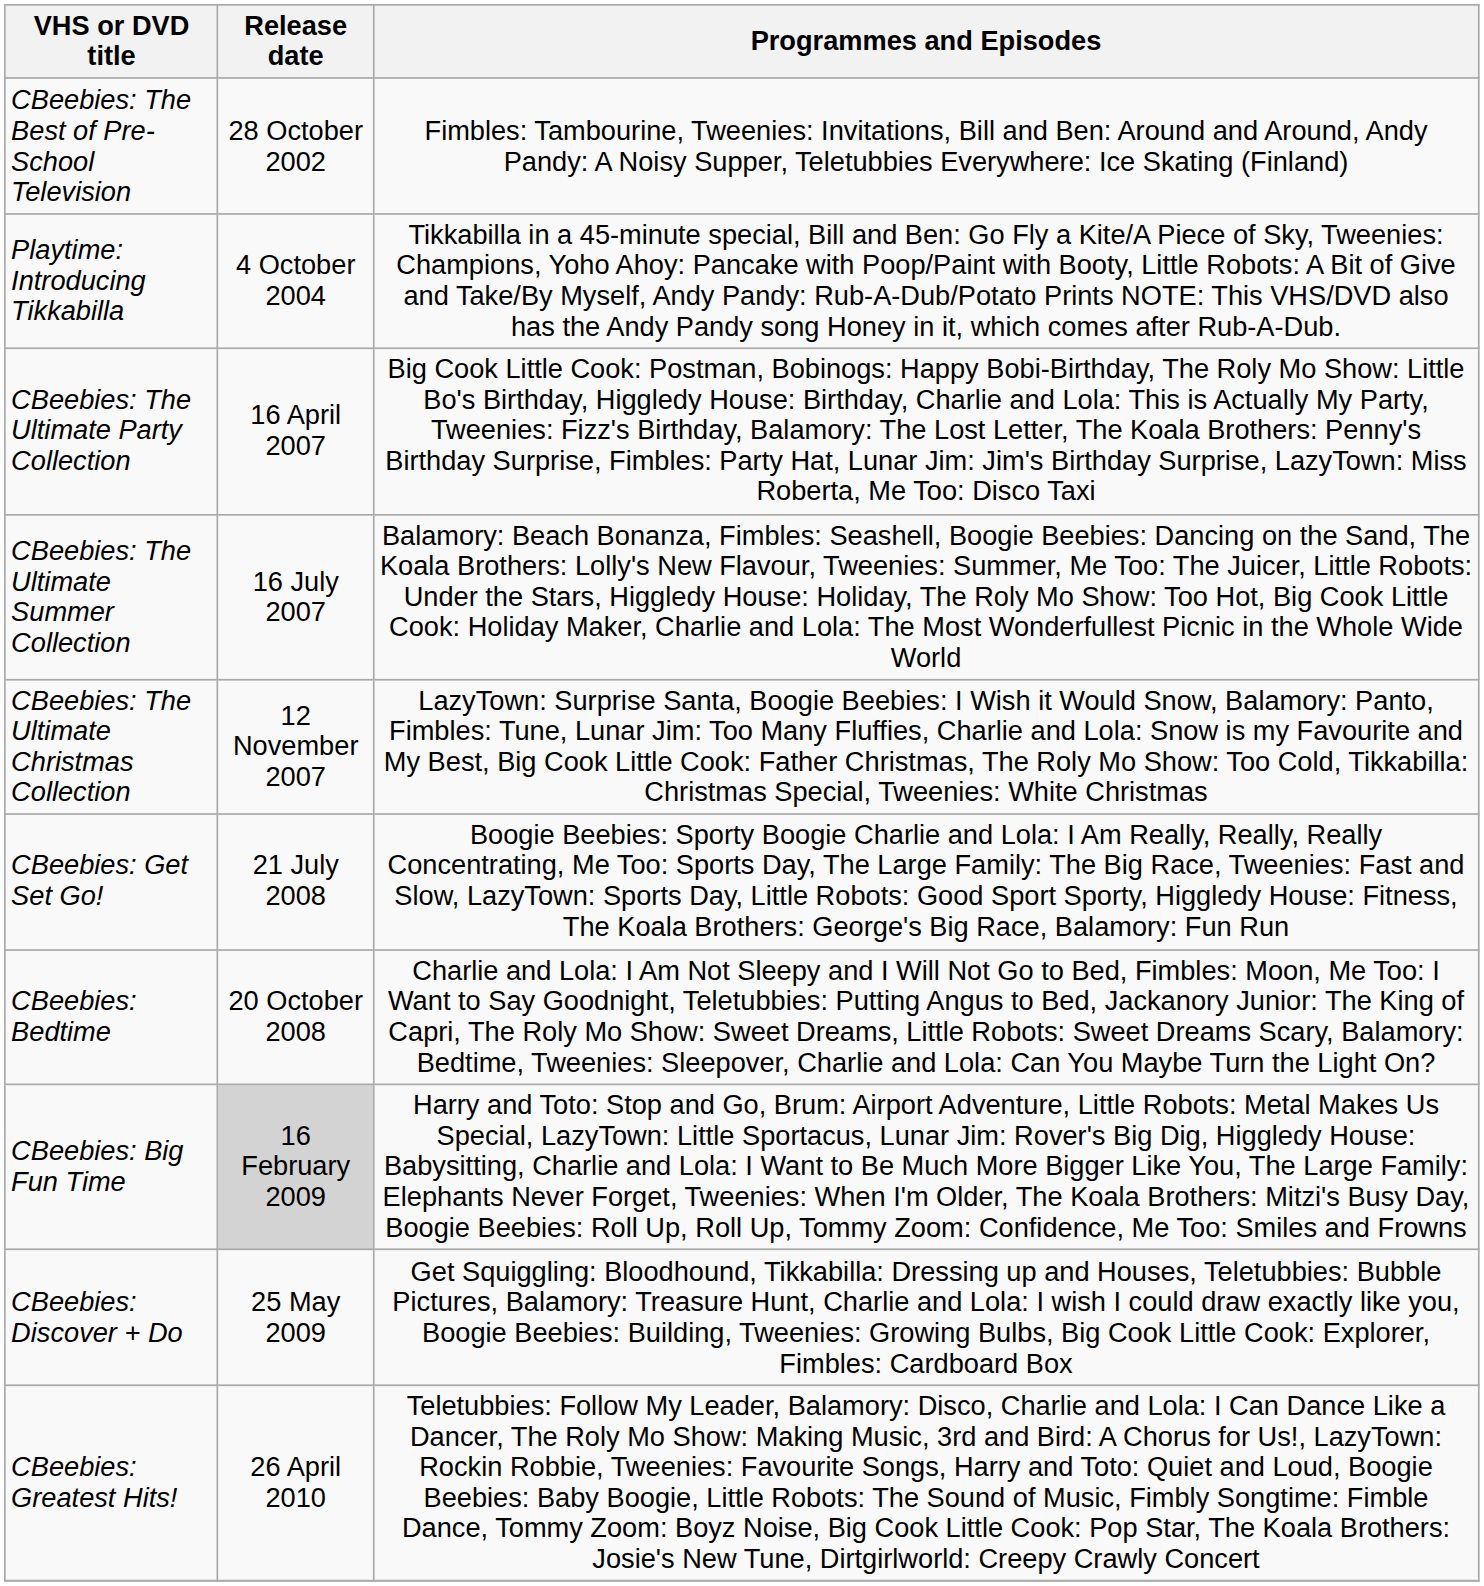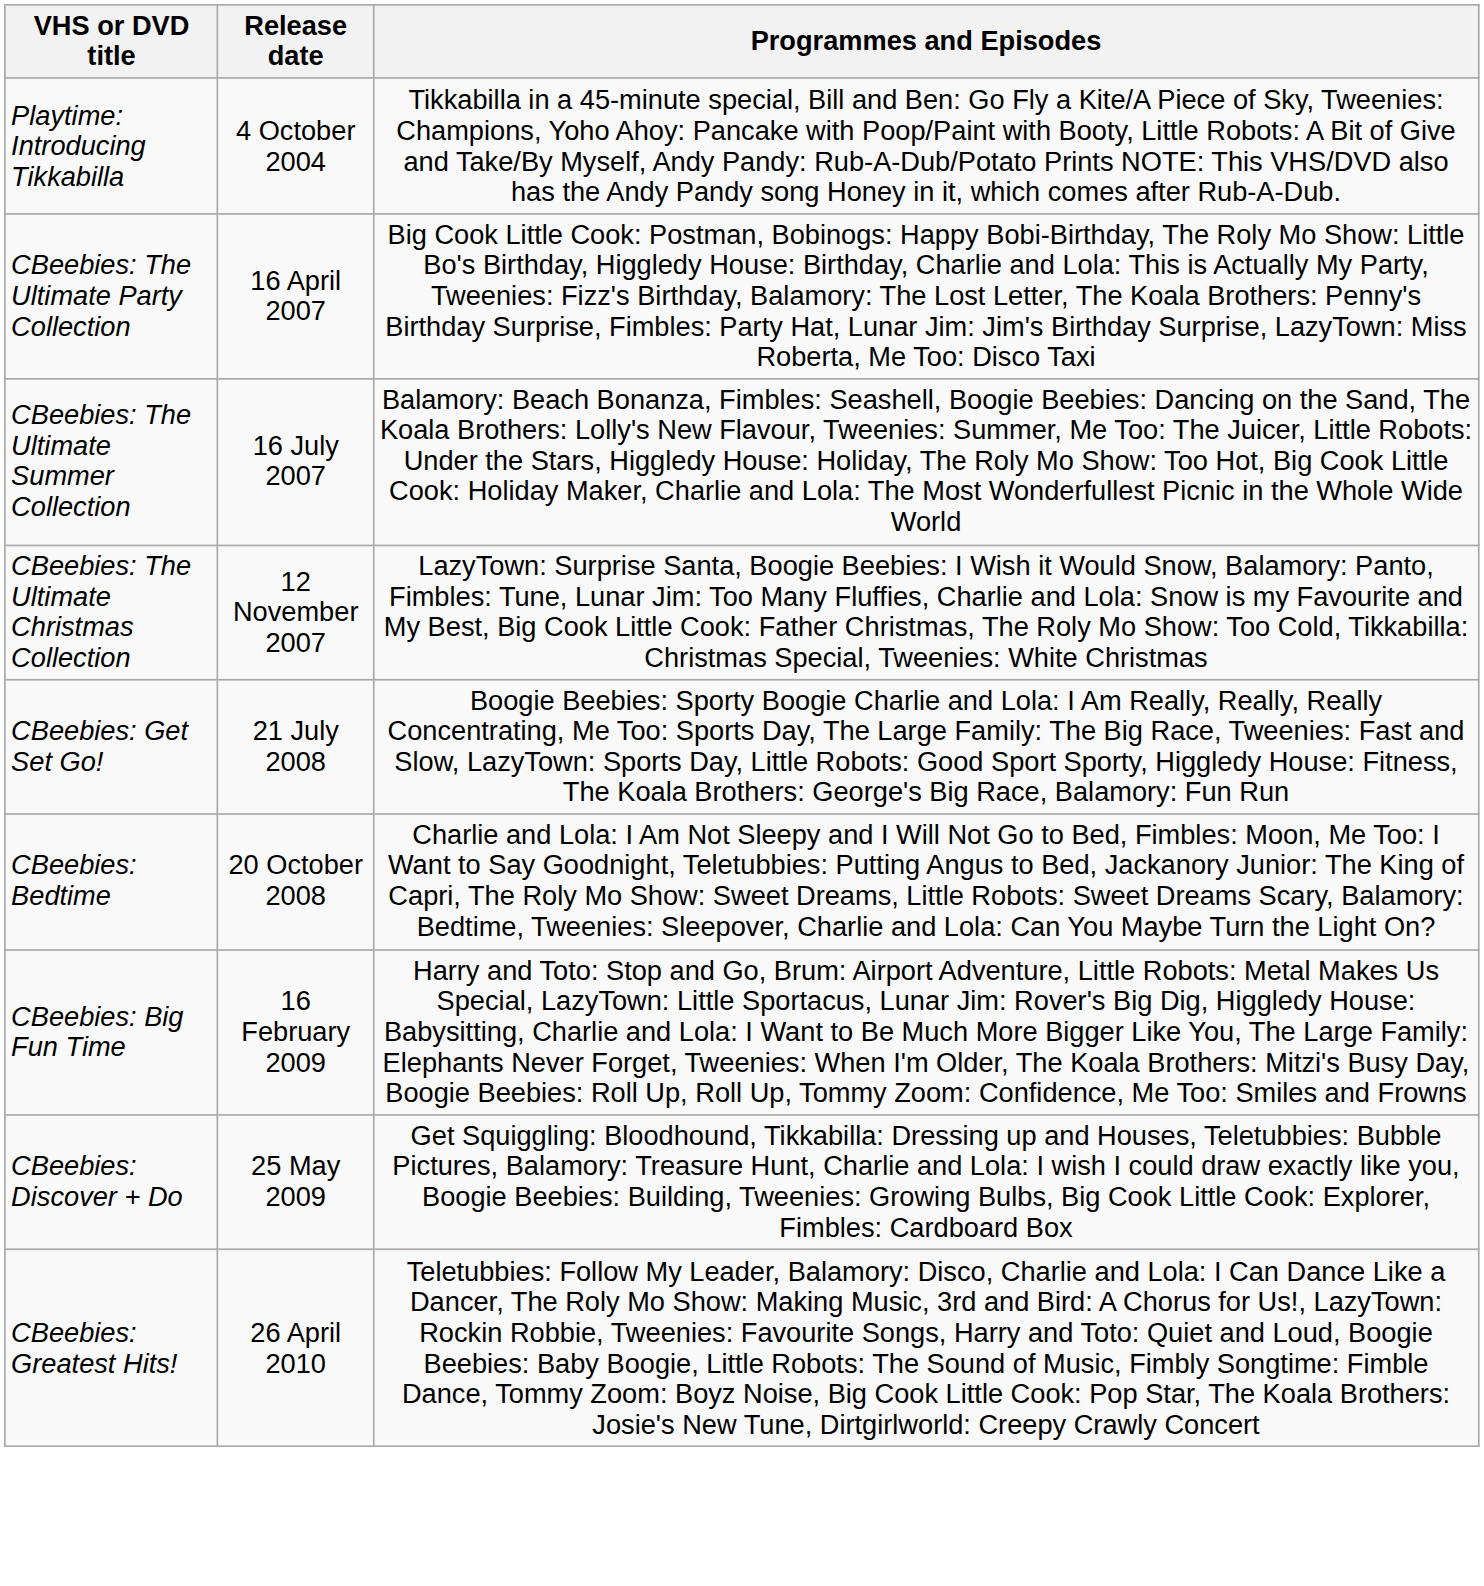 <table class="wikitable">
 <tr>
 <th>VHS or DVD title</th>
 <th>Release date</th>
 <th>Programmes and Episodes</th>
-</tr>
-<tr>
-<td><em>CBeebies: The Best of Pre-School Television</em></td>
-<td style="text-align:center;">28 October 2002</td>
-<td style="text-align:center;">Fimbles: Tambourine, Tweenies: Invitations, Bill and Ben: Around and Around, Andy Pandy: A Noisy Supper, Teletubbies Everywhere: Ice Skating (Finland)</td>
 </tr>
 <tr>
 <td><em>Playtime: Introducing Tikkabilla</em></td>
 <td style="text-align:center;">4 October 2004</td>
 <td style="text-align:center;">Tikkabilla in a 45-minute special, Bill and Ben: Go Fly a Kite/A Piece of Sky, Tweenies: Champions, Yoho Ahoy: Pancake with Poop/Paint with Booty, Little Robots: A Bit of Give and Take/By Myself, Andy Pandy: Rub-A-Dub/Potato Prints NOTE: This VHS/DVD also has the Andy Pandy song Honey in it, which comes after Rub-A-Dub.</td>
 </tr>
 <tr>
 <td><em>CBeebies: The Ultimate Party Collection</em></td>
 <td style="text-align:center;">16 April 2007</td>
 <td style="text-align:center;">Big Cook Little Cook: Postman, Bobinogs: Happy Bobi-Birthday, The Roly Mo Show: Little Bo's Birthday, Higgledy House: Birthday, Charlie and Lola: This is Actually My Party, Tweenies: Fizz's Birthday, Balamory: The Lost Letter, The Koala Brothers: Penny's Birthday Surprise, Fimbles: Party Hat, Lunar Jim: Jim's Birthday Surprise, LazyTown: Miss Roberta, Me Too: Disco Taxi</td>
 </tr>
 <tr>
 <td><em>CBeebies: The Ultimate Summer Collection</em></td>
 <td style="text-align:center;">16 July 2007</td>
 <td style="text-align:center;">Balamory: Beach Bonanza, Fimbles: Seashell, Boogie Beebies: Dancing on the Sand, The Koala Brothers: Lolly's New Flavour, Tweenies: Summer, Me Too: The Juicer, Little Robots: Under the Stars, Higgledy House: Holiday, The Roly Mo Show: Too Hot, Big Cook Little Cook: Holiday Maker, Charlie and Lola: The Most Wonderfullest Picnic in the Whole Wide World</td>
 </tr>
 <tr>
 <td><em>CBeebies: The Ultimate Christmas Collection</em></td>
 <td style="text-align:center;">12 November 2007</td>
 <td style="text-align:center;">LazyTown: Surprise Santa, Boogie Beebies: I Wish it Would Snow, Balamory: Panto, Fimbles: Tune, Lunar Jim: Too Many Fluffies, Charlie and Lola: Snow is my Favourite and My Best, Big Cook Little Cook: Father Christmas, The Roly Mo Show: Too Cold, Tikkabilla: Christmas Special, Tweenies: White Christmas</td>
 </tr>
 <tr>
 <td><em>CBeebies: Get Set Go!</em></td>
 <td style="text-align:center;">21 July 2008</td>
 <td style="text-align:center;">Boogie Beebies: Sporty Boogie Charlie and Lola: I Am Really, Really, Really Concentrating, Me Too: Sports Day, The Large Family: The Big Race, Tweenies: Fast and Slow, LazyTown: Sports Day, Little Robots: Good Sport Sporty, Higgledy House: Fitness, The Koala Brothers: George's Big Race, Balamory: Fun Run</td>
 </tr>
 <tr>
 <td><em>CBeebies: Bedtime</em></td>
 <td style="text-align:center;">20 October 2008</td>
 <td style="text-align:center;">Charlie and Lola: I Am Not Sleepy and I Will Not Go to Bed, Fimbles: Moon, Me Too: I Want to Say Goodnight, Teletubbies: Putting Angus to Bed, Jackanory Junior: The King of Capri, The Roly Mo Show: Sweet Dreams, Little Robots: Sweet Dreams Scary, Balamory: Bedtime, Tweenies: Sleepover, Charlie and Lola: Can You Maybe Turn the Light On?</td>
 </tr>
 <tr>
 <td><em>CBeebies: Big Fun Time</em></td>
-<td style="background: lightgrey; text-align:center;">16 February 2009</td>
+<td style="text-align:center;">16 February 2009</td>
 <td style="text-align:center;">Harry and Toto: Stop and Go, Brum: Airport Adventure, Little Robots: Metal Makes Us Special, LazyTown: Little Sportacus, Lunar Jim: Rover's Big Dig, Higgledy House: Babysitting, Charlie and Lola: I Want to Be Much More Bigger Like You, The Large Family: Elephants Never Forget, Tweenies: When I'm Older, The Koala Brothers: Mitzi's Busy Day, Boogie Beebies: Roll Up, Roll Up, Tommy Zoom: Confidence, Me Too: Smiles and Frowns</td>
 </tr>
 <tr>
 <td><em>CBeebies: Discover + Do</em></td>
 <td style="text-align:center;">25 May 2009</td>
 <td style="text-align:center;">Get Squiggling: Bloodhound, Tikkabilla: Dressing up and Houses, Teletubbies: Bubble Pictures, Balamory: Treasure Hunt, Charlie and Lola: I wish I could draw exactly like you, Boogie Beebies: Building, Tweenies: Growing Bulbs, Big Cook Little Cook: Explorer, Fimbles: Cardboard Box</td>
 </tr>
 <tr>
 <td><em>CBeebies: Greatest Hits!</em></td>
 <td style="text-align:center;">26 April 2010</td>
 <td style="text-align:center;">Teletubbies: Follow My Leader, Balamory: Disco, Charlie and Lola: I Can Dance Like a Dancer, The Roly Mo Show: Making Music, 3rd and Bird: A Chorus for Us!, LazyTown: Rockin Robbie, Tweenies: Favourite Songs, Harry and Toto: Quiet and Loud, Boogie Beebies: Baby Boogie, Little Robots: The Sound of Music, Fimbly Songtime: Fimble Dance, Tommy Zoom: Boyz Noise, Big Cook Little Cook: Pop Star, The Koala Brothers: Josie's New Tune, Dirtgirlworld: Creepy Crawly Concert</td>
 </tr>
 <tr>
 </tr>
 </table>
